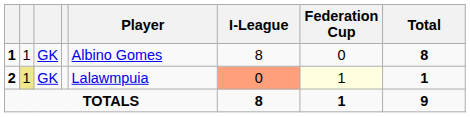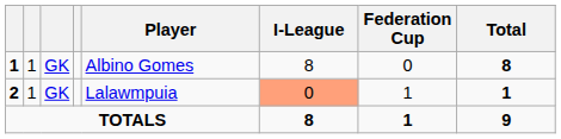 <table class="wikitable" style="font-size: 95%; text-align: center;">
 <tr>
 <th rowspan="1" !width=15><strong></strong></th>
 <th rowspan="1" !width=15><strong></strong></th>
 <th rowspan="1" !width=15><strong></strong></th>
 <th rowspan="1" !width=15><strong></strong></th>
 <th width=150>Player</th>
 <th width=80>I-League</th>
 <th width=80>Federation Cup</th>
 <th width=80><strong>Total</strong></th>
 </tr>
 <tr>
 <td rowspan=1><strong>1</strong></td>
 <td>1</td>
 <td><a href='#'>GK</a></td>
 <td></td>
 <td align=left><a href='#'>Albino Gomes</a></td>
 <td>8</td>
 <td>0</td>
 <td><strong>8</strong></td>
 </tr>
 <tr>
 <td rowspan=1><strong>2</strong></td>
-<td style="background: khaki;">1</td>
+<td>1</td>
 <td><a href='#'>GK</a></td>
 <td></td>
 <td align=left><a href='#'>Lalawmpuia</a></td>
 <td style="background: lightsalmon;">0</td>
-<td style="background: lightyellow;">1</td>
+<td>1</td>
 <td><strong>1</strong></td>
 </tr>
 <tr>
 <td colspan="5"><strong>TOTALS</strong></td>
 <td><strong>8</strong></td>
 <td><strong>1</strong></td>
 <td><strong>9</strong></td>
 </tr>
 </table>
